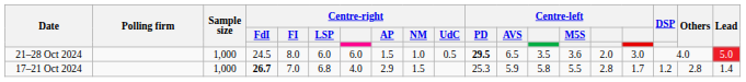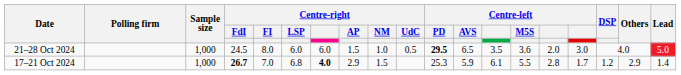 <table class="wikitable collapsible collapsed" style="text-align:center;font-size:85%;line-height:13px">
 <tr style="height:30px; background-color:#E9E9E9">
 <th style="width:110px;" rowspan="3">Date</th>
 <th style="width:140px;" rowspan="3">Polling firm</th>
 <th style="width:50px;" rowspan="3">Sample size</th>
 <th colspan="7" style="width:35px;"><a href='#'>Centre-right</a></th>
 <th colspan="6" style="width:35px;"><a href='#'>Centre-left</a></th>
 <th rowspan="2"><a href='#'>DSP</a></th>
 <th style="width:35px;" rowspan="3">Others</th>
 <th style="width:25px;" rowspan="3">Lead</th>
 </tr>
 <tr>
 <th style="width:35px;"><a href='#'>FdI</a></th>
 <th style="width:35px;"><a href='#'>FI</a></th>
 <th style="width:35px;"><a href='#'>LSP</a></th>
 <th style="width:35px;"></th>
 <th style="width:35px;"><a href='#'>AP</a></th>
 <th style="width:35px;"><a href='#'>NM</a></th>
 <th style="width:35px;"><a href='#'>UdC</a></th>
 <th style="width:35px;"><a href='#'>PD</a></th>
 <th style="width:35px;"><a href='#'>AVS</a></th>
 <th style="width:35px;"></th>
 <th style="width:35px;"><a href='#'>M5S</a></th>
 <th style="width:35px;"></th>
 <th style="width:35px;"></th>
 </tr>
 <tr>
 <th style="background:"></th>
 <th style="background:"></th>
 <th style="background:"></th>
 <td bgcolor="#FF0090"></td>
 <th style="background:"></th>
 <th style="background:"></th>
 <th style="background:"></th>
 <th style="background:"></th>
 <th style="background:"></th>
 <td bgcolor="#00AD43"></td>
 <th style="background:"></th>
 <th style="background:"></th>
 <td bgcolor="#E60000"></td>
 <th style="background:"></th>
 </tr>
 <tr>
 <td>21–28 Oct 2024</td>
 <td></td>
 <td>1,000</td>
 <td>24.5</td>
 <td>8.0</td>
 <td>6.0</td>
 <td>6.0</td>
 <td>1.5</td>
 <td>1.0</td>
 <td>0.5</td>
 <td><strong>29.5</strong></td>
 <td>6.5</td>
 <td>3.5</td>
 <td>3.6</td>
 <td>2.0</td>
 <td>3.0</td>
 <td colspan="2">4.0</td>
 <td style="background:#EF1C27; color:white;">5.0</td>
 </tr>
 <tr>
 <td>17–21 Oct 2024</td>
 <td></td>
 <td>1,000</td>
 <td><strong>26.7</strong></td>
 <td>7.0</td>
 <td>6.8</td>
-<td>4.0</td>
+<td><strong>4.0</strong></td>
 <td>2.9</td>
 <td>1.5</td>
 <td></td>
 <td>25.3</td>
 <td>5.9</td>
-<td>5.8</td>
+<td>6.1</td>
 <td>5.5</td>
 <td>2.8</td>
 <td>1.7</td>
 <td>1.2</td>
-<td>2.8</td>
+<td>2.9</td>
 <td style="background:">1.4</td>
 </tr>
 </table>
